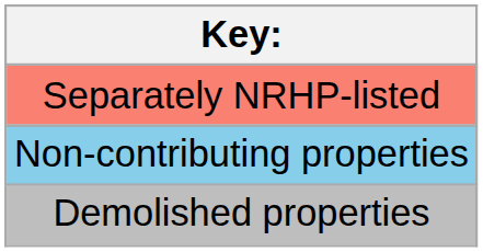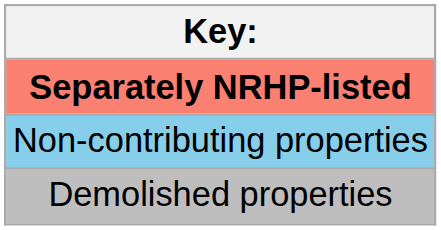 <table class="wikitable" style="text-align: center;">
 <tr>
 <th scope="col"><strong>Key:</strong></th>
 </tr>
 <tr>
-<td colspan="1" style="background:#FA8072">Separately NRHP-listed</td>
+<td colspan="1" style="background:#FA8072"><strong>Separately NRHP-listed</strong></td>
 </tr>
 <tr>
 <td colspan="1" style="background:#87CEEB">Non-contributing properties</td>
 </tr>
 <tr>
 <td colspan="1" style="background:#BEBEBE">Demolished properties</td>
 </tr>
 </table>
